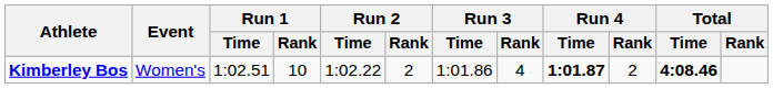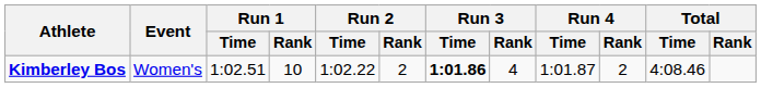 <table class=wikitable style=text-align:center;font-size:90%>
 <tr>
 <th rowspan=2>Athlete</th>
 <th rowspan=2>Event</th>
 <th colspan=2>Run 1</th>
 <th colspan=2>Run 2</th>
 <th colspan=2>Run 3</th>
 <th colspan=2>Run 4</th>
 <th colspan=2>Total</th>
 </tr>
 <tr style=font-size:95%>
 <th>Time</th>
 <th>Rank</th>
 <th>Time</th>
 <th>Rank</th>
 <th>Time</th>
 <th>Rank</th>
 <th>Time</th>
 <th>Rank</th>
 <th>Time</th>
 <th>Rank</th>
 </tr>
 <tr>
 <td align=left><strong><a href='#'>Kimberley Bos</a></strong></td>
 <td align=left><a href='#'>Women's</a></td>
 <td>1:02.51</td>
 <td>10</td>
 <td>1:02.22</td>
 <td>2</td>
-<td>1:01.86</td>
+<td><strong>1:01.86</strong></td>
 <td>4</td>
-<td><strong>1:01.87</strong></td>
+<td>1:01.87</td>
 <td>2</td>
-<td><strong>4:08.46</strong></td>
+<td>4:08.46</td>
 <td></td>
 </tr>
 </table>
